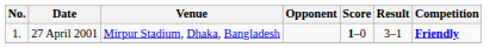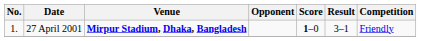 <table class="wikitable plainrowheaders sortable">
 <tr>
 <th scope="col">No.</th>
 <th scope="col">Date</th>
 <th scope="col">Venue</th>
 <th scope="col">Opponent</th>
 <th scope="col">Score</th>
 <th scope="col">Result</th>
 <th scope="col">Competition</th>
 </tr>
 <tr>
 <td style="text-align:center">1.</td>
 <td>27 April 2001</td>
-<td><a href='#'>Mirpur Stadium</a>, <a href='#'>Dhaka</a>, <a href='#'>Bangladesh</a></td>
+<td><strong><a href='#'>Mirpur Stadium</a>, <a href='#'>Dhaka</a>, <a href='#'>Bangladesh</a></strong></td>
 <td></td>
 <td style="text-align:center;"><strong>1</strong>–0</td>
 <td style="text-align:center;">3–1</td>
-<td><strong><a href='#'>Friendly</a></strong></td>
+<td><a href='#'>Friendly</a></td>
 </tr>
 <tr>
 </tr>
 </table>
